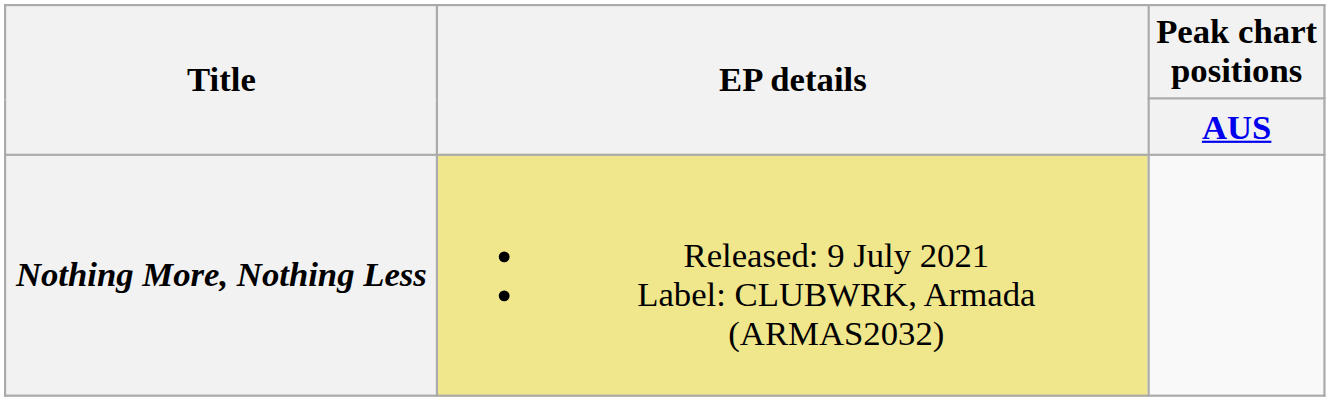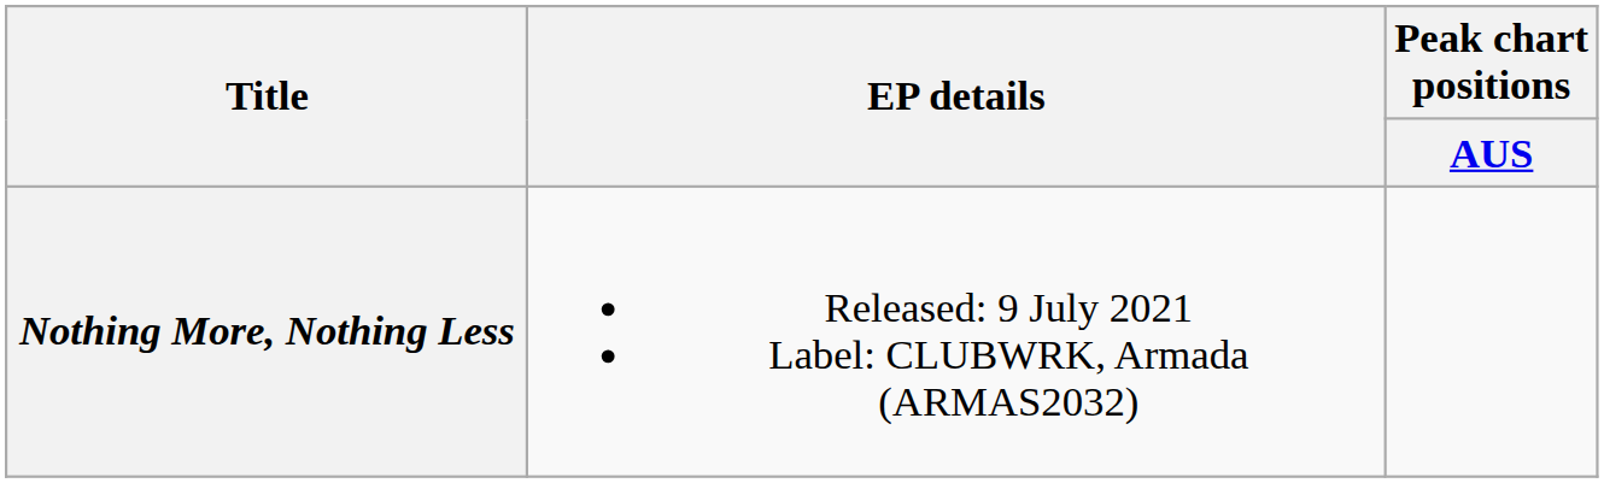 <table class="wikitable plainrowheaders" style="text-align:center;" border="1">
 <tr>
 <th scope="col" rowspan="2" style="width:12em;">Title</th>
 <th scope="col" rowspan="2" style="width:20em;">EP details</th>
 <th scope="col" colspan="1">Peak chart<br>positions</th>
 </tr>
 <tr>
 <th><a href='#'>AUS</a></th>
 </tr>
 <tr>
 <th scope="row"><em>Nothing More, Nothing Less</em></th>
-<td style="background: khaki;"><br><ul><li>Released: 9 July 2021</li><li>Label: CLUBWRK, Armada (ARMAS2032)</li></ul></td>
+<td><br><ul><li>Released: 9 July 2021</li><li>Label: CLUBWRK, Armada (ARMAS2032)</li></ul></td>
 <td></td>
 </tr>
 </table>
